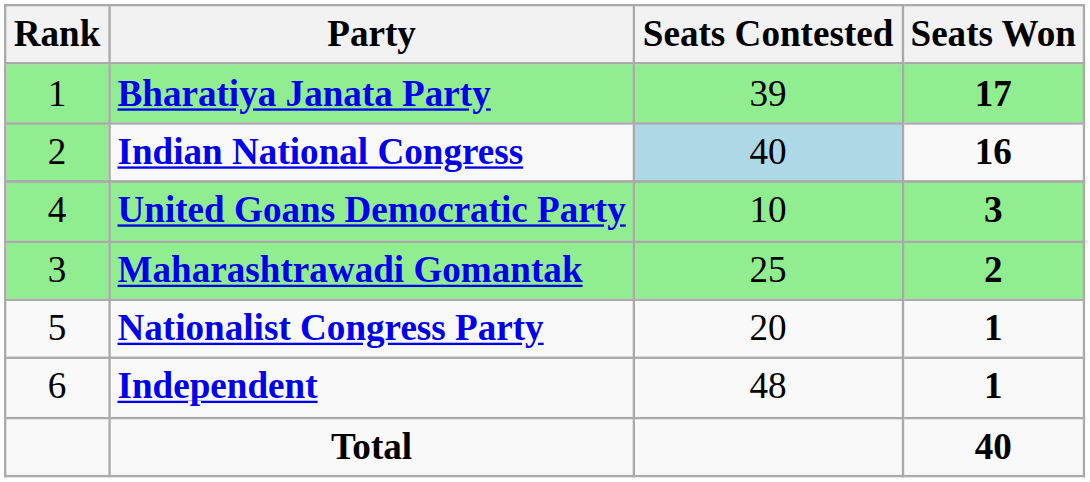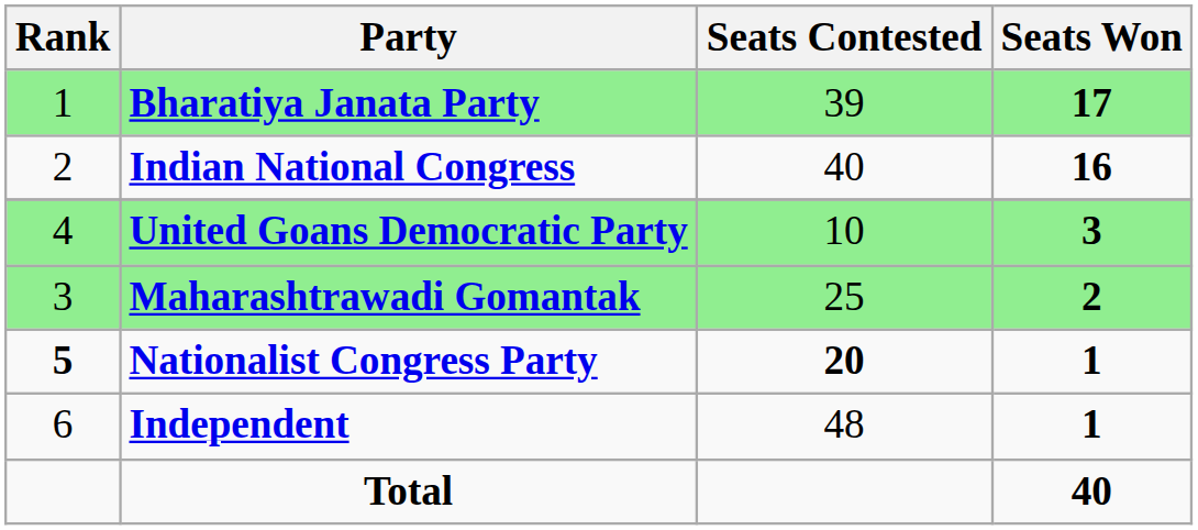 <table class="wikitable sortable" style="text-align: center;">
 <tr>
 <th align="center">Rank</th>
 <th align="center">Party</th>
 <th align="center">Seats Contested</th>
 <th align="center">Seats Won</th>
 </tr>
 <tr style="background: #90EE90;">
 <td>1</td>
 <td align="left"><strong><a href='#'>Bharatiya Janata Party</a></strong></td>
 <td>39</td>
 <td><strong>17</strong></td>
 </tr>
 <tr>
-<td style="background: lightgreen;">2</td>
+<td>2</td>
 <td align="left"><strong><a href='#'>Indian National Congress</a></strong></td>
-<td style="background: lightblue;">40</td>
+<td>40</td>
 <td><strong>16</strong></td>
 </tr>
 <tr style="background:">
 </tr>
 <tr style="background: #90EE90;">
 <td>4</td>
 <td align="left"><strong><a href='#'>United Goans Democratic Party</a></strong></td>
 <td>10</td>
 <td><strong>3</strong></td>
 </tr>
 <tr style="background: #90EE90;">
 <td>3</td>
 <td align="left"><strong><a href='#'>Maharashtrawadi Gomantak</a></strong></td>
 <td>25</td>
 <td><strong>2</strong></td>
 </tr>
 <tr "background: #90EE90;">
-<td>5</td>
+<td><strong>5</strong></td>
 <td align="left"><strong><a href='#'>Nationalist Congress Party</a></strong></td>
-<td>20</td>
+<td><strong>20</strong></td>
 <td><strong>1</strong></td>
 </tr>
 <tr style="background:">
 <td>6</td>
 <td align="left"><strong><a href='#'>Independent</a></strong></td>
 <td>48</td>
 <td><strong>1</strong></td>
 </tr>
 <tr>
 <td></td>
 <td align="centre"><strong>Total </strong></td>
 <td></td>
 <td><strong>40</strong></td>
 </tr>
 </table>
